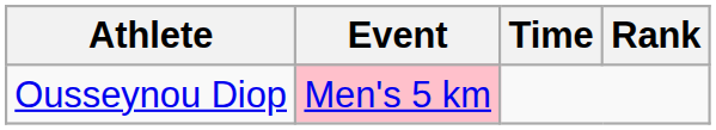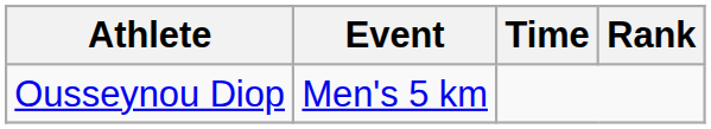 <table class="wikitable" style="font-size:90%">
 <tr>
 <th>Athlete</th>
 <th>Event</th>
 <th>Time</th>
 <th>Rank</th>
 </tr>
 <tr align="center">
 <td align="left"><a href='#'>Ousseynou Diop</a></td>
-<td align="left" style="background: pink;"><a href='#'>Men's 5 km</a></td>
+<td align="left"><a href='#'>Men's 5 km</a></td>
 <td colspan=2></td>
 </tr>
 </table>
